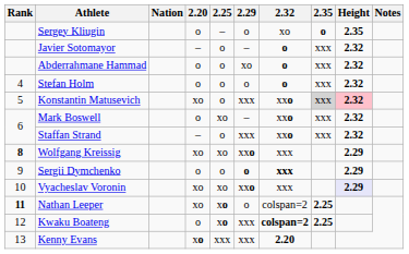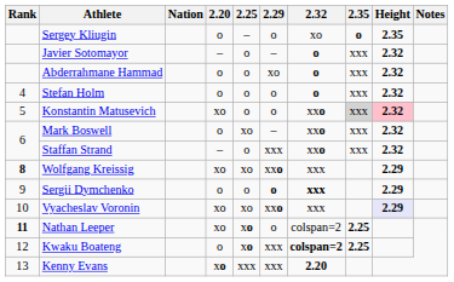 <table class="wikitable sortable" style="text-align:center">
 <tr>
 <th>Rank</th>
 <th>Athlete</th>
 <th>Nation</th>
 <th>2.20</th>
 <th>2.25</th>
 <th>2.29</th>
 <th>2.32</th>
 <th>2.35</th>
 <th>Height</th>
 <th>Notes</th>
 </tr>
 <tr>
 <td></td>
 <td align=left><a href='#'>Sergey Kliugin</a></td>
 <td align=left></td>
 <td>o</td>
 <td>–</td>
 <td>o</td>
 <td>xo</td>
 <td><strong>o</strong></td>
 <td><strong>2.35</strong></td>
 <td></td>
 </tr>
 <tr>
 <td></td>
 <td align=left><a href='#'>Javier Sotomayor</a></td>
 <td align=left></td>
 <td>–</td>
 <td>o</td>
 <td>–</td>
 <td><strong>o</strong></td>
 <td>xxx</td>
 <td><strong>2.32</strong></td>
 <td></td>
 </tr>
 <tr>
 <td></td>
 <td align=left><a href='#'>Abderrahmane Hammad</a></td>
 <td align=left></td>
 <td>o</td>
 <td>o</td>
 <td>xo</td>
 <td><strong>o</strong></td>
 <td>xxx</td>
 <td><strong>2.32</strong></td>
 <td></td>
 </tr>
 <tr>
 <td>4</td>
 <td align=left><a href='#'>Stefan Holm</a></td>
 <td align=left></td>
 <td>o</td>
 <td>o</td>
 <td>o</td>
 <td><strong>o</strong></td>
 <td>xxx</td>
 <td><strong>2.32</strong></td>
 <td></td>
 </tr>
 <tr>
 <td>5</td>
 <td align=left><a href='#'>Konstantin Matusevich</a></td>
 <td align=left></td>
 <td>xo</td>
 <td>o</td>
-<td>xxx</td>
+<td>o</td>
 <td>xx<strong>o</strong></td>
 <td style="background: lightgrey;">xxx</td>
 <td style="background: pink;"><strong>2.32</strong></td>
 <td></td>
 </tr>
 <tr>
 <td rowspan=2>6</td>
 <td align=left><a href='#'>Mark Boswell</a></td>
 <td align=left></td>
 <td>o</td>
 <td>xo</td>
 <td>–</td>
 <td>xx<strong>o</strong></td>
 <td>xxx</td>
 <td><strong>2.32</strong></td>
 <td></td>
 </tr>
 <tr>
 <td align=left><a href='#'>Staffan Strand</a></td>
 <td align=left></td>
 <td>–</td>
 <td>o</td>
 <td>xxx</td>
 <td>xx<strong>o</strong></td>
 <td>xxx</td>
 <td><strong>2.32</strong></td>
 <td></td>
 </tr>
 <tr>
 <td><strong>8</strong></td>
 <td align=left><a href='#'>Wolfgang Kreissig</a></td>
 <td align=left></td>
 <td>xo</td>
 <td>xo</td>
 <td>xx<strong>o</strong></td>
 <td>xxx</td>
 <td></td>
 <td><strong>2.29</strong></td>
 <td></td>
 </tr>
 <tr>
 <td>9</td>
 <td align=left><a href='#'>Sergii Dymchenko</a></td>
 <td align=left></td>
 <td>o</td>
 <td>o</td>
 <td><strong>o</strong></td>
 <td><strong>xxx</strong></td>
 <td></td>
 <td><strong>2.29</strong></td>
 <td></td>
 </tr>
 <tr>
 <td>10</td>
 <td align=left><a href='#'>Vyacheslav Voronin</a></td>
 <td align=left></td>
 <td>xo</td>
 <td>xo</td>
 <td>xx<strong>o</strong></td>
 <td>xxx</td>
 <td></td>
 <td style="background: lavender;"><strong>2.29</strong></td>
 <td></td>
 </tr>
 <tr>
 <td><strong>11</strong></td>
 <td align=left><a href='#'>Nathan Leeper</a></td>
 <td align=left></td>
 <td>xo</td>
 <td>x<strong>o</strong></td>
 <td>o</td>
 <td>colspan=2 </td>
 <td><strong>2.25</strong></td>
 <td></td>
 </tr>
 <tr>
 <td>12</td>
 <td align=left><a href='#'>Kwaku Boateng</a></td>
 <td align=left></td>
 <td>o</td>
 <td>x<strong>o</strong></td>
 <td>xxx</td>
 <td><strong>colspan=2 </strong></td>
 <td><strong>2.25</strong></td>
 <td></td>
 </tr>
 <tr>
 <td>13</td>
 <td align=left><a href='#'>Kenny Evans</a></td>
 <td align=left></td>
 <td>x<strong>o</strong></td>
 <td>xxx</td>
 <td>xxx</td>
 <td><strong>2.20</strong></td>
 <td></td>
 </tr>
 </table>
